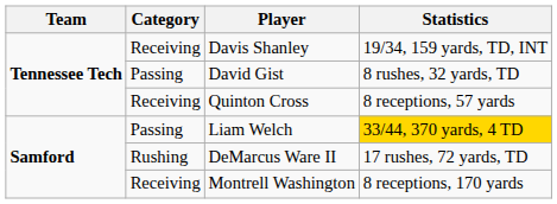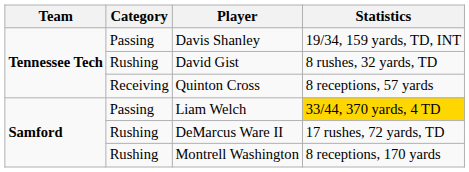 <table class="wikitable" style="float: right;">
 <tr>
 <th>Team</th>
 <th>Category</th>
 <th>Player</th>
 <th>Statistics</th>
 </tr>
 <tr>
 <td rowspan=3><strong>Tennessee Tech</strong></td>
-<td>Receiving</td>
+<td>Passing</td>
 <td>Davis Shanley</td>
 <td>19/34, 159 yards, TD, INT</td>
 </tr>
 <tr>
-<td>Passing</td>
+<td>Rushing</td>
 <td>David Gist</td>
 <td>8 rushes, 32 yards, TD</td>
 </tr>
 <tr>
 <td>Receiving</td>
 <td>Quinton Cross</td>
 <td>8 receptions, 57 yards</td>
 </tr>
 <tr>
 <td rowspan=3><strong>Samford</strong></td>
 <td>Passing</td>
 <td>Liam Welch</td>
 <td style="background: gold;">33/44, 370 yards, 4 TD</td>
 </tr>
 <tr>
 <td>Rushing</td>
 <td>DeMarcus Ware II</td>
 <td>17 rushes, 72 yards, TD</td>
 </tr>
 <tr>
-<td>Receiving</td>
+<td>Rushing</td>
 <td>Montrell Washington</td>
 <td>8 receptions, 170 yards</td>
 </tr>
 </table>
